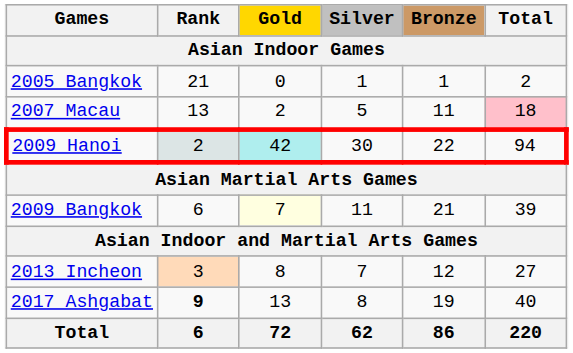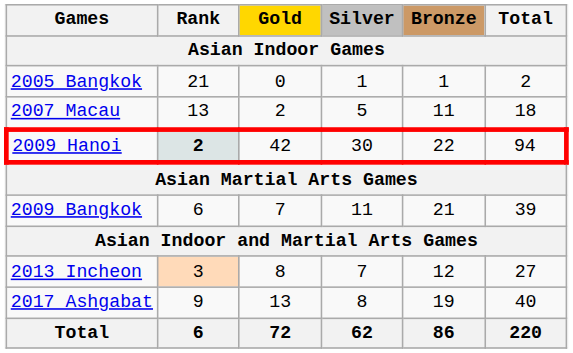 <table class="wikitable" style="text-align:center; font-size:90%;">
 <tr>
 <th>Games</th>
 <th style="width:4em;">Rank</th>
 <th style="background:gold; width:4em;"><strong>Gold</strong></th>
 <th style="background:silver; width:4em;"><strong>Silver</strong></th>
 <th style="background:#cc9966; width:4em;"><strong>Bronze</strong></th>
 <th style="width:4em;">Total</th>
 </tr>
 <tr>
 <th colspan=6><strong>Asian Indoor Games</strong></th>
 </tr>
 <tr>
 <td align=left> <a href='#'>2005 Bangkok</a></td>
 <td>21</td>
 <td>0</td>
 <td>1</td>
 <td>1</td>
 <td>2</td>
 </tr>
 <tr>
 <td align=left> <a href='#'>2007 Macau</a></td>
 <td>13</td>
 <td>2</td>
 <td>5</td>
 <td>11</td>
-<td style="background: pink;">18</td>
+<td>18</td>
 </tr>
 <tr style="border: 3px solid red">
 <td align=left> <a href='#'>2009 Hanoi</a></td>
-<td bgcolor=dce5e5>2</td>
-<td style="background: paleturquoise;">42</td>
+<td bgcolor=dce5e5><strong>2</strong></td>
+<td>42</td>
 <td>30</td>
 <td>22</td>
 <td>94</td>
 </tr>
 <tr>
 <th colspan=6><strong>Asian Martial Arts Games</strong></th>
 </tr>
 <tr>
 <td align=left> <a href='#'>2009 Bangkok</a></td>
 <td>6</td>
-<td style="background: lightyellow;">7</td>
+<td>7</td>
 <td>11</td>
 <td>21</td>
 <td>39</td>
 </tr>
 <tr>
 <th colspan=6><strong>Asian Indoor and Martial Arts Games</strong></th>
 </tr>
 <tr>
 <td align=left> <a href='#'>2013 Incheon</a></td>
 <td bgcolor=ffdab9>3</td>
 <td>8</td>
 <td>7</td>
 <td>12</td>
 <td>27</td>
 </tr>
 <tr>
 <td align=left> <a href='#'>2017 Ashgabat</a></td>
-<td><strong>9</strong></td>
+<td>9</td>
 <td>13</td>
 <td>8</td>
 <td>19</td>
 <td>40</td>
 </tr>
 <tr>
 <th>Total</th>
 <th>6</th>
 <th>72</th>
 <th>62</th>
 <th>86</th>
 <th>220</th>
 </tr>
 </table>
